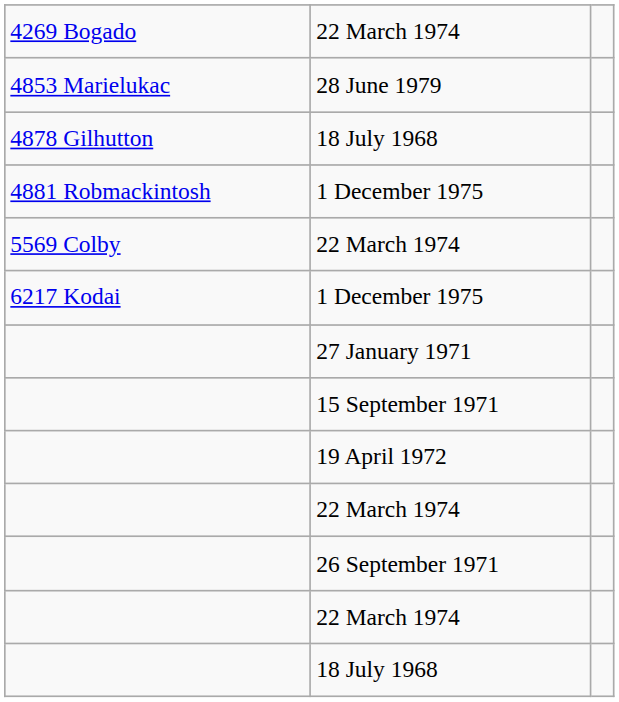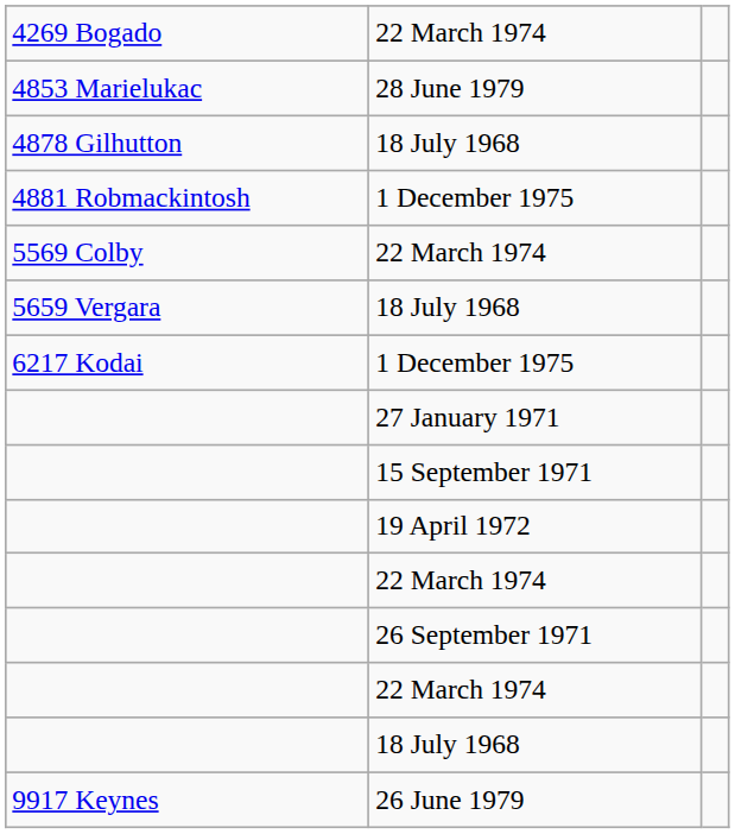 <table class="wikitable" style="font-size: 89%; float: left; width: 26em; margin-right: 1em; height: 420px;">
 <tr>
 <td><a href='#'>4269 Bogado</a></td>
 <td>22 March 1974</td>
 <td></td>
 </tr>
 <tr>
 <td><a href='#'>4853 Marielukac</a></td>
 <td>28 June 1979</td>
 <td></td>
 </tr>
 <tr>
 <td><a href='#'>4878 Gilhutton</a></td>
 <td>18 July 1968</td>
 <td> </td>
 </tr>
 <tr>
 <td><a href='#'>4881 Robmackintosh</a></td>
 <td>1 December 1975</td>
 <td></td>
 </tr>
 <tr>
 <td><a href='#'>5569 Colby</a></td>
 <td>22 March 1974</td>
 <td></td>
+</tr>
+<tr>
+<td><a href='#'>5659 Vergara</a></td>
+<td>18 July 1968</td>
+<td> </td>
 </tr>
 <tr>
 <td><a href='#'>6217 Kodai</a></td>
 <td>1 December 1975</td>
 <td> </td>
 </tr>
 <tr>
 <td></td>
 <td>27 January 1971</td>
 <td> </td>
 </tr>
 <tr>
 <td></td>
 <td>15 September 1971</td>
 <td> </td>
 </tr>
 <tr>
 <td></td>
 <td>19 April 1972</td>
 <td></td>
 </tr>
 <tr>
 <td></td>
 <td>22 March 1974</td>
 <td></td>
 </tr>
 <tr>
 <td></td>
 <td>26 September 1971</td>
 <td></td>
 </tr>
 <tr>
 <td></td>
 <td>22 March 1974</td>
 <td></td>
 </tr>
 <tr>
 <td></td>
 <td>18 July 1968</td>
 <td> </td>
 </tr>
+<tr>
+<td><a href='#'>9917 Keynes</a></td>
+<td>26 June 1979</td>
+<td></td>
+</tr>
 </table>
